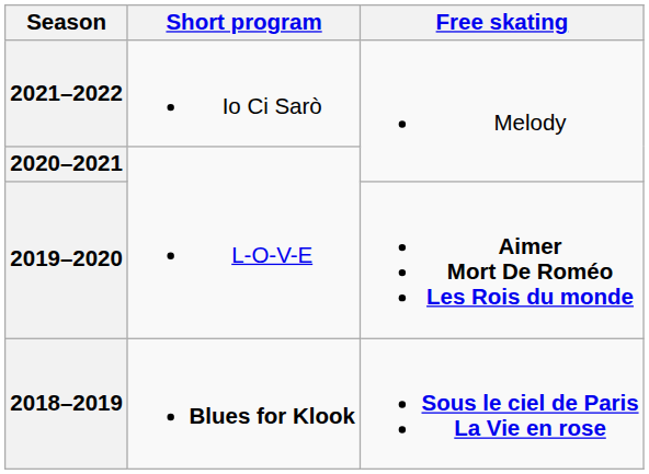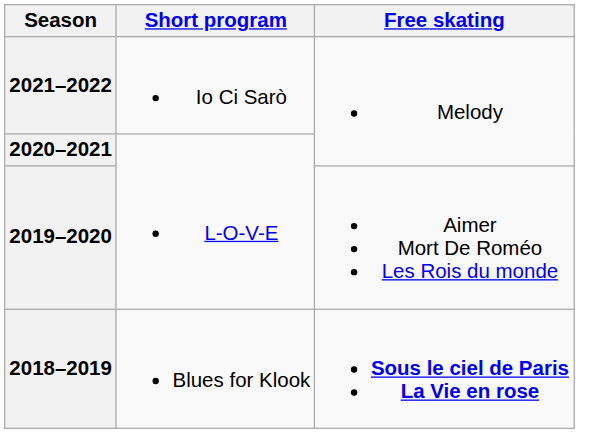 <table class=wikitable style=text-align:center>
 <tr>
 <th>Season</th>
 <th><a href='#'>Short program</a></th>
 <th><a href='#'>Free skating</a></th>
 </tr>
 <tr>
 <th>2021–2022 <br> </th>
 <td><br><ul><li>Io Ci Sarò <br> </li></ul></td>
 <td rowspan=2><br><ul><li>Melody <br> </li></ul></td>
 </tr>
 <tr>
 <th>2020–2021 <br> </th>
 <td rowspan=2><br><ul><li><a href='#'>L-O-V-E</a> <br></li></ul></td>
 </tr>
 <tr>
 <th>2019–2020 <br></th>
-<td><strong><br><ul><li>Aimer <br> </li><li>Mort De Roméo <br> </li><li><a href='#'>Les Rois du monde</a> <br> </li></ul></strong></td>
+<td><br><ul><li>Aimer <br> </li><li>Mort De Roméo <br> </li><li><a href='#'>Les Rois du monde</a> <br> </li></ul></td>
 </tr>
 <tr>
 <th>2018–2019 <br></th>
-<td><strong><br><ul><li>Blues for Klook <br> </li></ul></strong></td>
+<td><br><ul><li>Blues for Klook <br> </li></ul></td>
 <td><strong><br><ul><li><a href='#'>Sous le ciel de Paris</a></li><li><a href='#'>La Vie en rose</a> <br> </li></ul></strong></td>
 </tr>
 </table>
